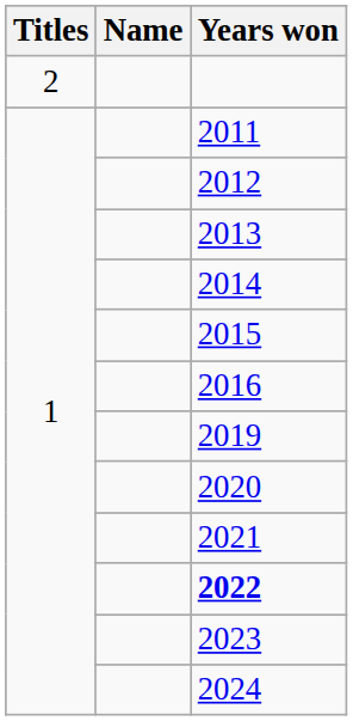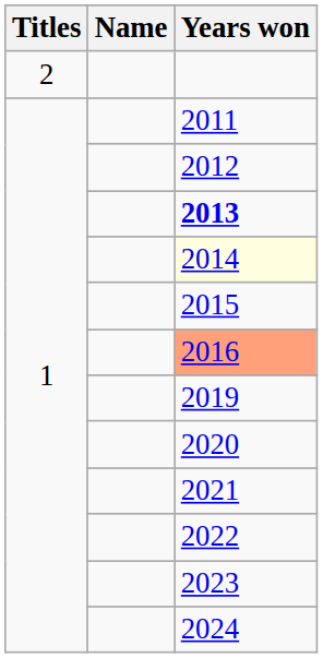 <table class="wikitable style="font-size:100%; text-align: left; width:70%">
 <tr>
 <th>Titles</th>
 <th>Name</th>
 <th>Years won</th>
 </tr>
 <tr>
 <td align=center>2</td>
 <td></td>
 <td></td>
 </tr>
 <tr>
 <td rowspan=12 align=center>1</td>
 <td></td>
 <td><a href='#'>2011</a></td>
 </tr>
 <tr>
 <td></td>
 <td><a href='#'>2012</a></td>
 </tr>
 <tr>
 <td></td>
-<td><a href='#'>2013</a></td>
+<td><strong><a href='#'>2013</a></strong></td>
 </tr>
 <tr>
 <td></td>
-<td><a href='#'>2014</a></td>
+<td style="background: lightyellow;"><a href='#'>2014</a></td>
 </tr>
 <tr>
 <td></td>
 <td><a href='#'>2015</a></td>
 </tr>
 <tr>
 <td></td>
-<td><a href='#'>2016</a></td>
+<td style="background: lightsalmon;"><a href='#'>2016</a></td>
 </tr>
 <tr>
 <td></td>
 <td><a href='#'>2019</a></td>
 </tr>
 <tr>
 <td></td>
 <td><a href='#'>2020</a></td>
 </tr>
 <tr>
 <td></td>
 <td><a href='#'>2021</a></td>
 </tr>
 <tr>
 <td></td>
-<td><strong><a href='#'>2022</a></strong></td>
+<td><a href='#'>2022</a></td>
 </tr>
 <tr>
 <td></td>
 <td><a href='#'>2023</a></td>
 </tr>
 <tr>
 <td></td>
 <td><a href='#'>2024</a></td>
 </tr>
 </table>
